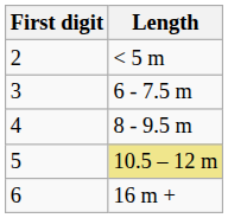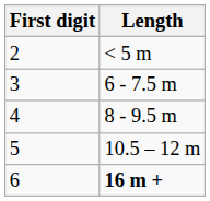 <table class="wikitable">
 <tr>
 <th>First digit</th>
 <th>Length</th>
 </tr>
 <tr>
 <td>2</td>
 <td>< 5 m</td>
 </tr>
 <tr>
 <td>3</td>
 <td>6 - 7.5 m</td>
 </tr>
 <tr>
 <td>4</td>
 <td>8 - 9.5 m</td>
 </tr>
 <tr>
 <td>5</td>
-<td style="background: khaki;">10.5 – 12 m</td>
+<td>10.5 – 12 m</td>
 </tr>
 <tr>
 <td>6</td>
-<td>16 m +</td>
+<td><strong>16 m +</strong></td>
 </tr>
 </table>
